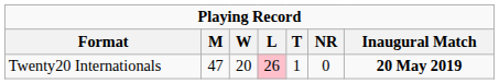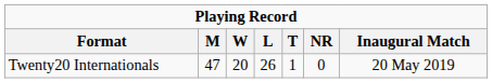 <table class="wikitable" style="text-align: center; width: 500px;">
 <tr>
 <td colspan=7 align="center"><strong>Playing Record</strong></td>
 </tr>
 <tr>
 <th>Format</th>
 <th>M</th>
 <th>W</th>
 <th>L</th>
 <th>T</th>
 <th>NR</th>
 <th>Inaugural Match</th>
 </tr>
 <tr>
 <td align="left">Twenty20 Internationals</td>
 <td>47</td>
 <td>20</td>
-<td style="background: pink;">26</td>
+<td>26</td>
 <td>1</td>
 <td>0</td>
-<td><strong>20 May 2019</strong></td>
+<td>20 May 2019</td>
 </tr>
 </table>
